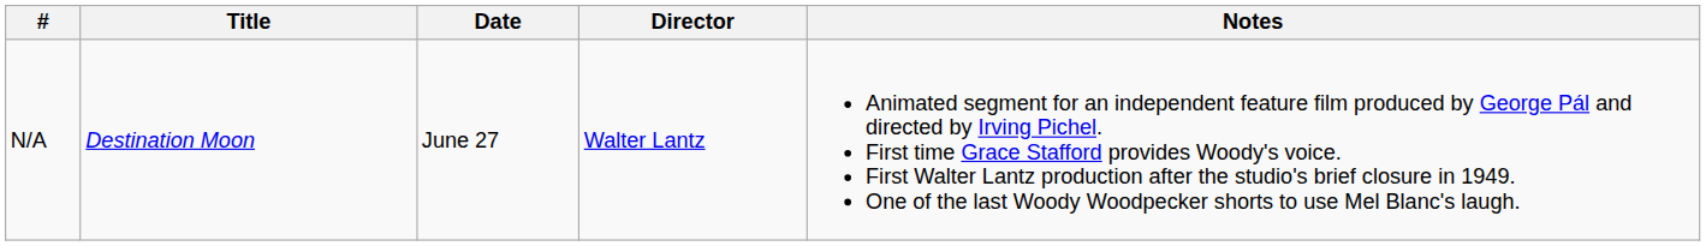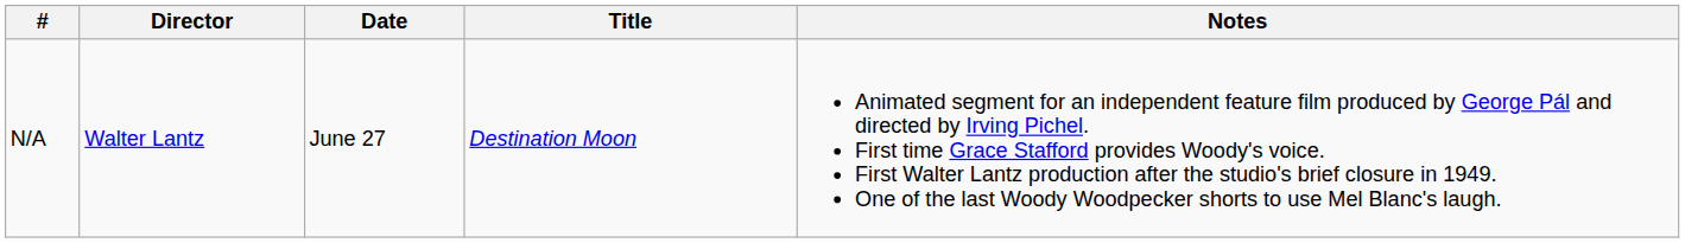 <table class="wikitable">
 <tr>
 <th style="width:3em">#</th>
+<th style="width:10em">Director</th>
+<th style="width:7em">Date</th>
 <th style="width:15em">Title</th>
-<th style="width:7em">Date</th>
-<th style="width:10em">Director</th>
 <th>Notes</th>
 </tr>
 <tr>
 <td>N/A</td>
+<td><a href='#'>Walter Lantz</a></td>
+<td>June 27</td>
 <td><em><a href='#'>Destination Moon</a></em></td>
-<td>June 27</td>
-<td><a href='#'>Walter Lantz</a></td>
 <td {{Plainlist><br><ul><li>Animated segment for an independent feature film produced by <a href='#'>George Pál</a> and directed by <a href='#'>Irving Pichel</a>.</li><li>First time <a href='#'>Grace Stafford</a> provides Woody's voice.</li><li>First Walter Lantz production after the studio's brief closure in 1949.</li><li>One of the last Woody Woodpecker shorts to use Mel Blanc's laugh.</li></ul></td>
 </tr>
 </table>
